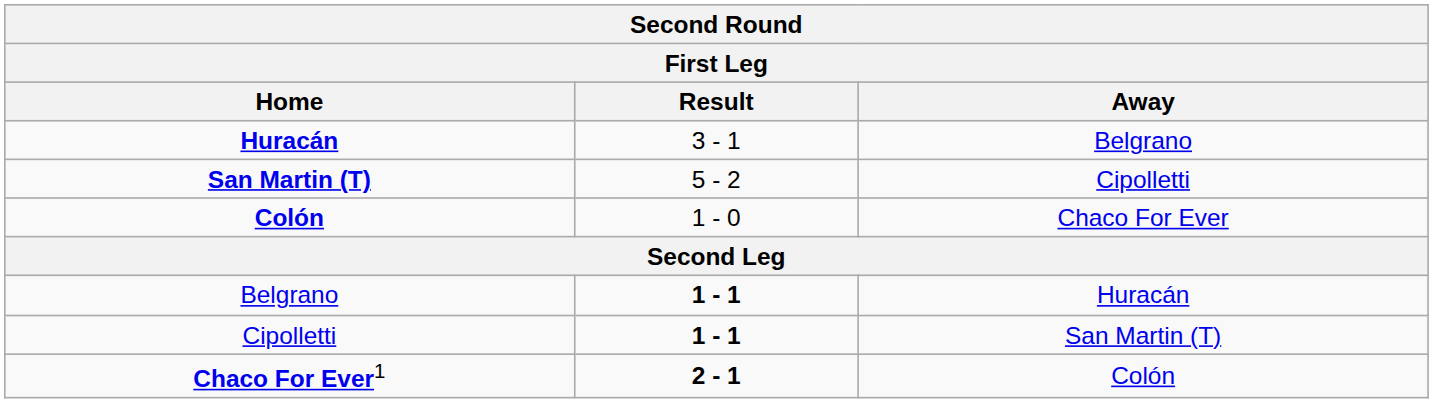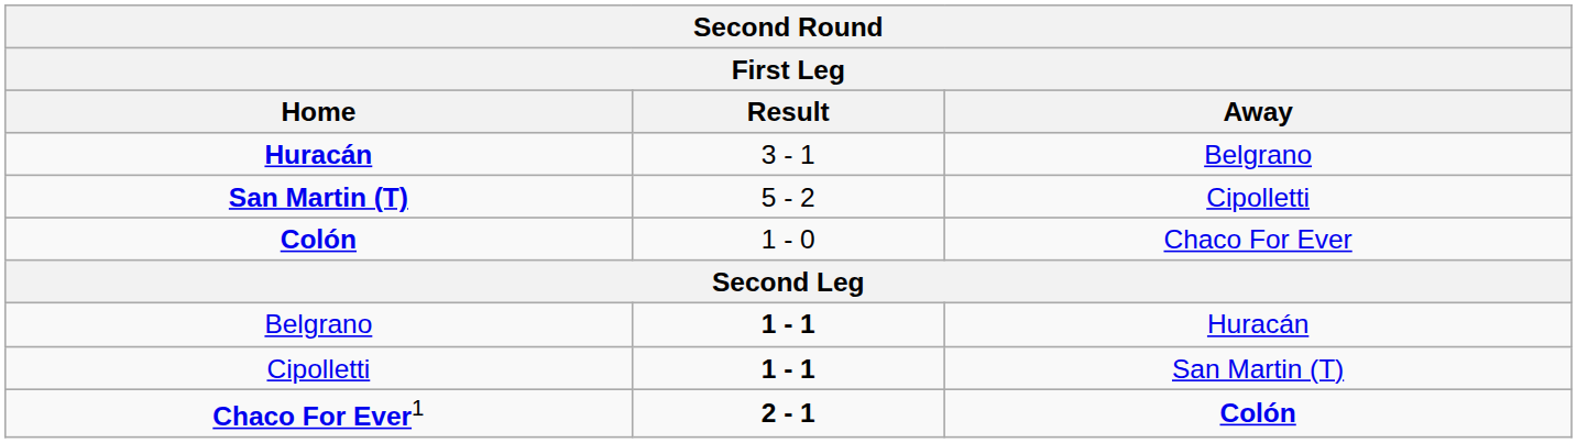 <table align=center class="wikitable collapsible collapsed" style="font-size:95%; text-align: center; width: 70%;">
 <tr>
 <th colspan=100% style="with: 100%;" align=center>Second Round</th>
 </tr>
 <tr>
 <th colspan=100% style="with: 75%;" align=center>First Leg</th>
 </tr>
 <tr>
 <th width=30%>Home</th>
 <th width=15%>Result</th>
 <th width=30%>Away</th>
 </tr>
 <tr align=center>
 <td><strong><a href='#'>Huracán</a></strong></td>
 <td>3 - 1</td>
 <td><a href='#'>Belgrano</a></td>
 </tr>
 <tr align=center>
 <td><strong><a href='#'>San Martin (T)</a></strong></td>
 <td>5 - 2</td>
 <td><a href='#'>Cipolletti</a></td>
 </tr>
 <tr align=center>
 <td><strong><a href='#'>Colón</a></strong></td>
 <td>1 - 0</td>
 <td><a href='#'>Chaco For Ever</a></td>
 </tr>
 <tr>
 <th colspan="100%"  style="with:75%; text-align:center;">Second Leg</th>
 </tr>
 <tr align=center>
 <td><a href='#'>Belgrano</a></td>
 <td><strong>1 - 1</strong></td>
 <td><a href='#'>Huracán</a></td>
 </tr>
 <tr align=center>
 <td><a href='#'>Cipolletti</a></td>
 <td><strong>1 - 1</strong></td>
 <td><a href='#'>San Martin (T)</a></td>
 </tr>
 <tr align=center>
 <td><strong><a href='#'>Chaco For Ever</a></strong><sup>1</sup></td>
 <td><strong>2 - 1</strong></td>
-<td><a href='#'>Colón</a></td>
+<td><strong><a href='#'>Colón</a></strong></td>
 </tr>
 </table>
